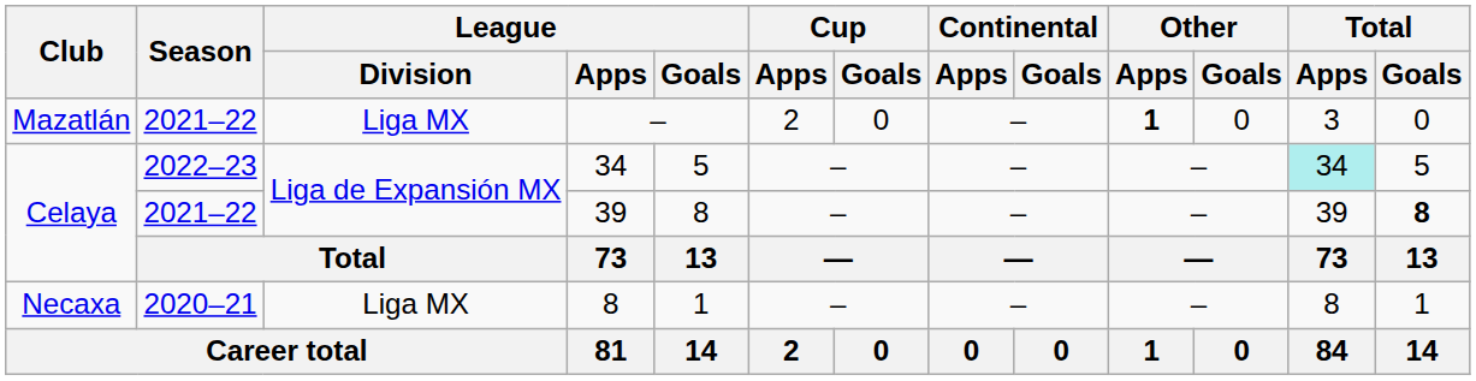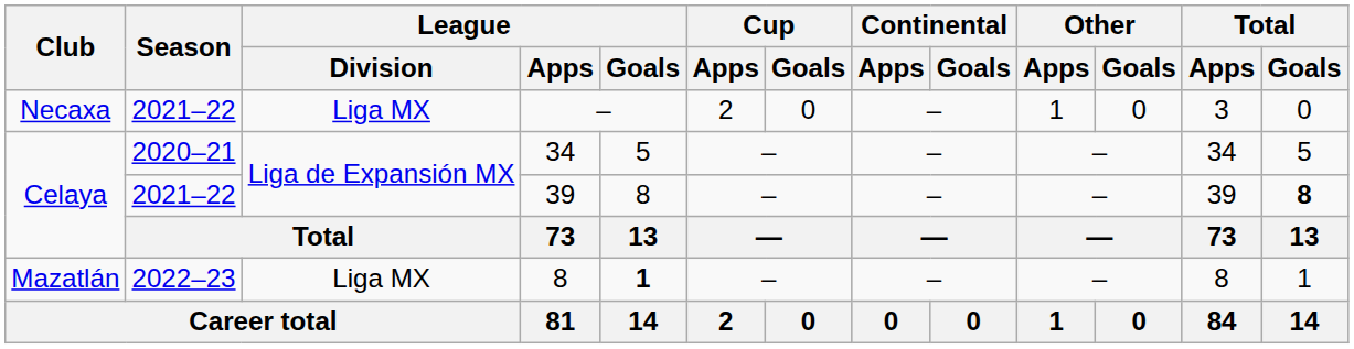 <table class="wikitable" style="text-align: center">
 <tr>
 <th rowspan="2">Club</th>
 <th rowspan="2">Season</th>
 <th colspan="3">League</th>
 <th colspan="2">Cup</th>
 <th colspan="2">Continental</th>
 <th colspan="2">Other</th>
 <th colspan="2">Total</th>
 </tr>
 <tr>
 <th>Division</th>
 <th>Apps</th>
 <th>Goals</th>
 <th>Apps</th>
 <th>Goals</th>
 <th>Apps</th>
 <th>Goals</th>
 <th>Apps</th>
 <th>Goals</th>
 <th>Apps</th>
 <th>Goals</th>
 </tr>
 <tr>
-<td><a href='#'>Mazatlán</a></td>
+<td><a href='#'>Necaxa</a></td>
 <td><a href='#'>2021–22</a></td>
 <td><a href='#'>Liga MX</a></td>
 <td colspan="2">–</td>
 <td>2</td>
 <td>0</td>
 <td colspan="2">–</td>
-<td><strong>1</strong></td>
+<td>1</td>
 <td>0</td>
 <td>3</td>
 <td>0</td>
 </tr>
 <tr>
 <td rowspan="3"><a href='#'>Celaya</a></td>
-<td><a href='#'>2022–23</a></td>
+<td><a href='#'>2020–21</a></td>
 <td rowspan="2"><a href='#'>Liga de Expansión MX</a></td>
 <td>34</td>
 <td>5</td>
 <td colspan="2">–</td>
 <td colspan="2">–</td>
 <td colspan="2">–</td>
-<td style="background: paleturquoise;">34</td>
+<td>34</td>
 <td>5</td>
 </tr>
 <tr>
 <td><a href='#'>2021–22</a></td>
 <td>39</td>
 <td>8</td>
 <td colspan="2">–</td>
 <td colspan="2">–</td>
 <td colspan="2">–</td>
 <td>39</td>
 <td><strong>8</strong></td>
 </tr>
 <tr>
 <th colspan="2">Total</th>
 <th>73</th>
 <th>13</th>
 <th colspan="2">—</th>
 <th colspan="2">—</th>
 <th colspan="2">—</th>
 <th>73</th>
 <th>13</th>
 </tr>
 <tr>
-<td><a href='#'>Necaxa</a></td>
-<td><a href='#'>2020–21</a></td>
+<td><a href='#'>Mazatlán</a></td>
+<td><a href='#'>2022–23</a></td>
 <td>Liga MX</td>
 <td>8</td>
-<td>1</td>
+<td><strong>1</strong></td>
 <td colspan="2">–</td>
 <td colspan="2">–</td>
 <td colspan="2">–</td>
 <td>8</td>
 <td>1</td>
 </tr>
 <tr>
 <th colspan="3"><strong>Career total</strong></th>
 <th>81</th>
 <th>14</th>
 <th>2</th>
 <th>0</th>
 <th>0</th>
 <th>0</th>
 <th>1</th>
 <th>0</th>
 <th>84</th>
 <th>14</th>
 </tr>
 </table>
